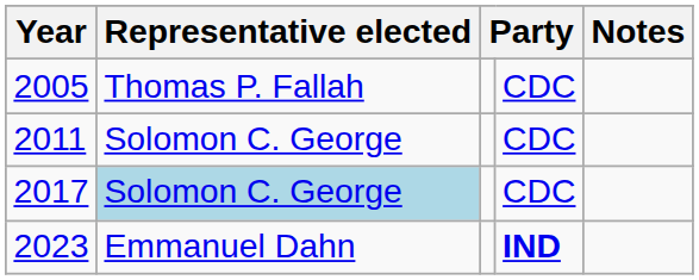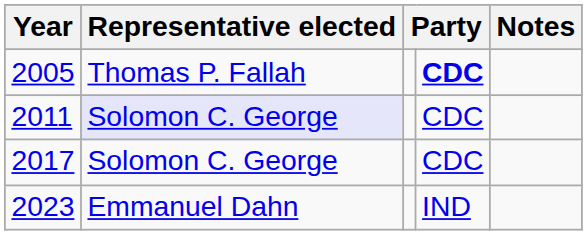 <table class="wikitable">
 <tr>
 <th>Year</th>
 <th>Representative elected</th>
 <th colspan=2>Party</th>
 <th>Notes</th>
 </tr>
 <tr>
 <td><a href='#'>2005</a></td>
 <td><a href='#'>Thomas P. Fallah</a></td>
 <td></td>
-<td><a href='#'>CDC</a></td>
+<td><strong><a href='#'>CDC</a></strong></td>
 <td></td>
 </tr>
 <tr>
 <td><a href='#'>2011</a></td>
-<td><a href='#'>Solomon C. George</a></td>
+<td style="background: lavender;"><a href='#'>Solomon C. George</a></td>
 <td></td>
 <td><a href='#'>CDC</a></td>
 <td></td>
 </tr>
 <tr>
 <td><a href='#'>2017</a></td>
-<td style="background: lightblue;"><a href='#'>Solomon C. George</a></td>
+<td><a href='#'>Solomon C. George</a></td>
 <td></td>
 <td><a href='#'>CDC</a></td>
 <td></td>
 </tr>
 <tr>
 <td><a href='#'>2023</a></td>
 <td><a href='#'>Emmanuel Dahn</a></td>
 <td></td>
-<td><strong><a href='#'>IND</a></strong></td>
+<td><a href='#'>IND</a></td>
 <td></td>
 </tr>
 </table>
